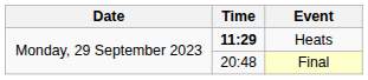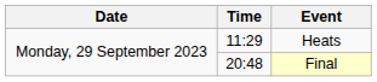 <table class = "wikitable" style="text-align:center;">
 <tr>
 <th width=220>Date</th>
 <th width=50>Time</th>
 <th width=100>Event</th>
 </tr>
 <tr>
 <td rowspan=3>Monday, 29 September 2023</td>
-<td><strong>11:29</strong></td>
+<td>11:29</td>
 <td>Heats</td>
 </tr>
 <tr>
 <td>20:48</td>
 <td bgcolor=ffffcc>Final</td>
 </tr>
 </table>
